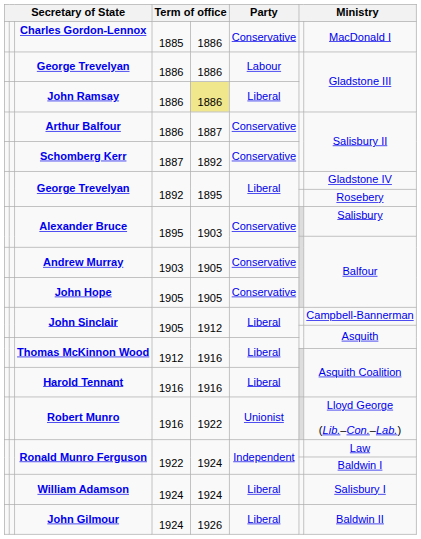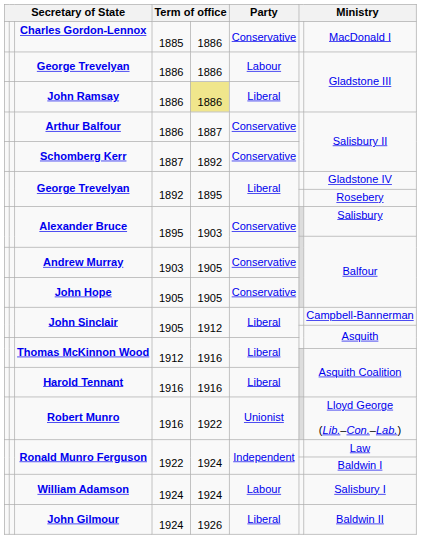 <table class="wikitable" style="text-align:center">
 <tr>
 <th colspan=3>Secretary of State</th>
 <th colspan=2>Term of office</th>
 <th>Party</th>
 <th colspan=2>Ministry</th>
 </tr>
 <tr style="height:1em">
 <td style="background-color:"></td>
 <td></td>
 <td><a href='#'><strong>Charles Gordon-Lennox</strong><br></a><br></td>
 <td><br>1885</td>
 <td><br>1886</td>
 <td><a href='#'>Conservative</a></td>
 <td style="background-color:"></td>
 <td><a href='#'>MacDonald I</a></td>
 </tr>
 <tr style="height:1em">
 <td style="background-color:"></td>
 <td></td>
 <td><a href='#'><strong>George Trevelyan</strong></a><br></td>
 <td><br>1886</td>
 <td><br>1886</td>
 <td><a href='#'>Labour</a></td>
 <td rowspan=2 style="background-color:"></td>
 <td rowspan=2><a href='#'>Gladstone III</a></td>
 </tr>
 <tr style="height:1em">
 <td style="background-color:"></td>
 <td></td>
 <td><a href='#'><strong>John Ramsay</strong><br></a></td>
 <td><br>1886</td>
 <td style="background: khaki;"><br>1886</td>
 <td><a href='#'>Liberal</a></td>
 </tr>
 <tr style="height:1em">
 <td style="background-color:"></td>
 <td></td>
 <td><strong><a href='#'>Arthur Balfour</a></strong><br></td>
 <td><br>1886</td>
 <td><br>1887</td>
 <td><a href='#'>Conservative</a></td>
 <td rowspan=2 style="background-color:"></td>
 <td rowspan=2><a href='#'>Salisbury II</a></td>
 </tr>
 <tr style="height:1em">
 <td style="background-color:"></td>
 <td></td>
 <td><a href='#'><strong>Schomberg Kerr</strong><br></a></td>
 <td><br>1887</td>
 <td><br>1892</td>
 <td><a href='#'>Conservative</a></td>
 </tr>
 <tr style="height:1em">
 <td rowspan=2 style="background-color:"></td>
 <td rowspan=2></td>
 <td rowspan=2><a href='#'><strong>George Trevelyan</strong></a><br></td>
 <td rowspan=2><br>1892</td>
 <td rowspan=2><br>1895</td>
 <td rowspan=2><a href='#'>Liberal</a></td>
 <td style="background-color:"></td>
 <td><a href='#'>Gladstone IV</a></td>
 </tr>
 <tr style="height:1em">
 <td style="background-color:"></td>
 <td><a href='#'>Rosebery</a></td>
 </tr>
 <tr style="height:1em">
 <td rowspan=2 style="background-color:"></td>
 <td rowspan=2></td>
 <td rowspan=2><a href='#'><strong>Alexander Bruce</strong><br></a></td>
 <td rowspan=2><br>1895</td>
 <td rowspan=2><br>1903<br></td>
 <td rowspan=2><a href='#'>Conservative</a></td>
 <td style="background-color:#ddd"></td>
 <td><a href='#'>Salisbury<br></a><br></td>
 </tr>
 <tr style="height:1em">
 <td rowspan=3 style="background-color:#ddd"></td>
 <td rowspan=3><a href='#'>Balfour</a><br></td>
 </tr>
 <tr style="height:1em">
 <td style="background-color:"></td>
 <td></td>
 <td><a href='#'><strong>Andrew Murray</strong></a><br></td>
 <td><br>1903</td>
 <td><br>1905</td>
 <td><a href='#'>Conservative</a></td>
 </tr>
 <tr style="height:1em">
 <td style="background-color:"></td>
 <td></td>
 <td><a href='#'><strong>John Hope</strong><br></a></td>
 <td><br>1905</td>
 <td><br>1905</td>
 <td><a href='#'>Conservative</a></td>
 </tr>
 <tr style="height:1em">
 <td rowspan=2 style="background-color:"></td>
 <td rowspan=2></td>
 <td rowspan=2><a href='#'><strong>John Sinclair</strong><br></a></td>
 <td rowspan=2><br>1905</td>
 <td rowspan=2><br>1912</td>
 <td rowspan=2><a href='#'>Liberal</a></td>
 <td style="background-color:"></td>
 <td><a href='#'>Campbell-Bannerman</a></td>
 </tr>
 <tr style="height:1em">
 <td rowspan=2 style="background-color:"></td>
 <td rowspan=2 ><a href='#'>Asquith<br></a></td>
 </tr>
 <tr style="height:1em">
 <td rowspan=2 style="background-color:"></td>
 <td rowspan=2></td>
 <td rowspan=2><strong><a href='#'>Thomas McKinnon Wood</a></strong><br></td>
 <td rowspan=2><br>1912</td>
 <td rowspan=2><br>1916</td>
 <td rowspan=2><a href='#'>Liberal</a></td>
 </tr>
 <tr style="height:1em">
 <td rowspan=2  style="background-color:#ddd"></td>
 <td rowspan=2><a href='#'>Asquith Coalition</a><br></td>
 </tr>
 <tr style="height:1em">
 <td style="background-color:"></td>
 <td></td>
 <td><strong><a href='#'>Harold Tennant</a></strong><br></td>
 <td><br>1916</td>
 <td><br>1916</td>
 <td><a href='#'>Liberal</a></td>
 </tr>
 <tr style="height:1em">
 <td style="background-color:"></td>
 <td></td>
 <td><a href='#'><strong>Robert Munro</strong></a><br> </td>
 <td><br>1916</td>
 <td><br>1922</td>
 <td><a href='#'>Unionist</a></td>
 <td style="background-color:#ddd"></td>
 <td><a href='#'>Lloyd George<br></a><br>(<em><a href='#'>Lib.</a>–<a href='#'>Con.</a>–<a href='#'>Lab.</a></em>)</td>
 </tr>
 <tr style="height:1em">
 <td rowspan=2 style="background-color:"></td>
 <td rowspan=2></td>
 <td rowspan=2><a href='#'><strong>Ronald Munro Ferguson</strong><br></a></td>
 <td rowspan=2><br>1922</td>
 <td rowspan=2><br>1924</td>
 <td rowspan=2><a href='#'>Independent</a></td>
 <td style="background-color:"></td>
 <td><a href='#'>Law</a></td>
 </tr>
 <tr style="height:1em">
 <td style="background-color:"></td>
 <td><a href='#'>Baldwin I</a></td>
 </tr>
 <tr style="height:1em">
 <td style="background-color:"></td>
 <td></td>
 <td><strong><a href='#'>William Adamson</a></strong><br></td>
 <td><br>1924</td>
 <td><br>1924</td>
-<td><a href='#'>Liberal</a></td>
+<td><a href='#'>Labour</a></td>
 <td style="background-color:"></td>
 <td><a href='#'>Salisbury I</a></td>
 </tr>
 <tr style="height:1em">
 <td style="background-color:"></td>
 <td></td>
 <td><a href='#'><strong>John Gilmour</strong></a><br></td>
 <td><br>1924</td>
 <td><br>1926</td>
 <td><a href='#'>Liberal</a></td>
 <td style="background-color:"></td>
 <td><a href='#'>Baldwin II</a></td>
 </tr>
 </table>
